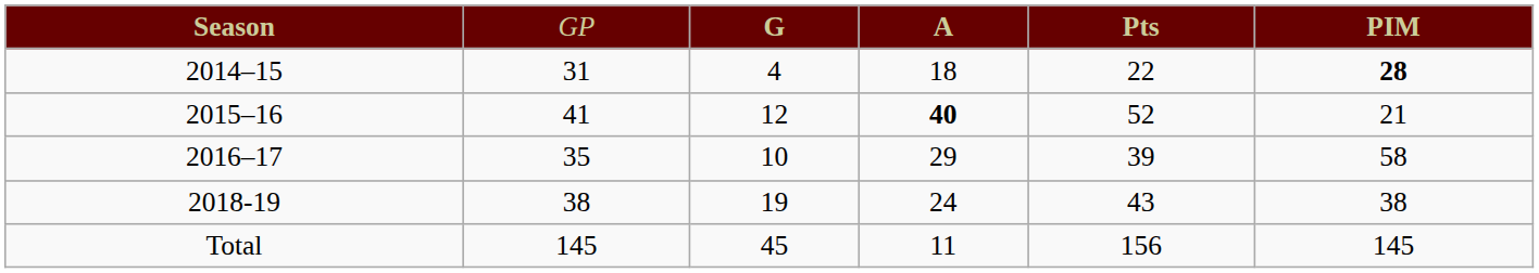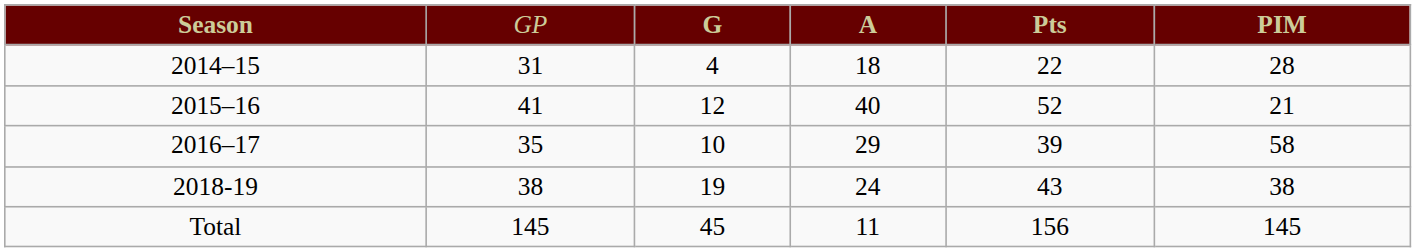 <table class="wikitable" style="width:70%;">
 <tr style="text-align:center; background:#600; color:#cc9;">
 <td><strong>Season</strong></td>
 <td><em>GP</em></td>
 <td><strong>G</strong></td>
 <td><strong>A</strong></td>
 <td><strong>Pts</strong></td>
 <td><strong>PIM</strong></td>
 </tr>
 <tr style="text-align:center;" bgcolor="">
 <td>2014–15</td>
 <td>31</td>
 <td>4</td>
 <td>18</td>
 <td>22</td>
-<td><strong>28</strong></td>
+<td>28</td>
 </tr>
 <tr style="text-align:center;" bgcolor="">
 <td>2015–16</td>
 <td>41</td>
 <td>12</td>
-<td><strong>40</strong></td>
+<td>40</td>
 <td>52</td>
 <td>21</td>
 </tr>
 <tr style="text-align:center;" bgcolor="">
 <td>2016–17</td>
 <td>35</td>
 <td>10</td>
 <td>29</td>
 <td>39</td>
 <td>58</td>
 </tr>
 <tr style="text-align:center;" bgcolor="">
 <td>2018-19</td>
 <td>38</td>
 <td>19</td>
 <td>24</td>
 <td>43</td>
 <td>38</td>
 </tr>
 <tr style="text-align:center;">
 <td>Total</td>
 <td>145</td>
 <td>45</td>
 <td>11</td>
 <td>156</td>
 <td>145</td>
 </tr>
 </table>
